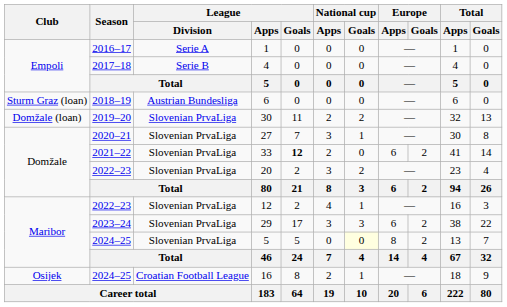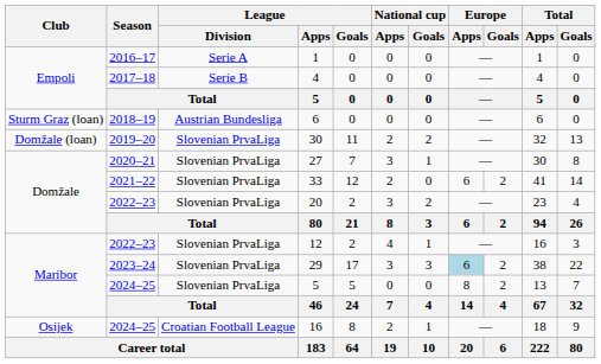 <table class="wikitable" style="text-align: center;">
 <tr>
 <th rowspan="2">Club</th>
 <th rowspan="2">Season</th>
 <th colspan="3">League</th>
 <th colspan="2">National cup</th>
 <th colspan="2">Europe</th>
 <th colspan="2">Total</th>
 </tr>
 <tr>
 <th>Division</th>
 <th>Apps</th>
 <th>Goals</th>
 <th>Apps</th>
 <th>Goals</th>
 <th>Apps</th>
 <th>Goals</th>
 <th>Apps</th>
 <th>Goals</th>
 </tr>
 <tr>
 <td rowspan="3"><a href='#'>Empoli</a></td>
 <td><a href='#'>2016–17</a></td>
 <td><a href='#'>Serie A</a></td>
 <td>1</td>
 <td>0</td>
 <td>0</td>
 <td>0</td>
 <td colspan="2">—</td>
 <td>1</td>
 <td>0</td>
 </tr>
 <tr>
 <td><a href='#'>2017–18</a></td>
 <td><a href='#'>Serie B</a></td>
 <td>4</td>
 <td>0</td>
 <td>0</td>
 <td>0</td>
 <td colspan="2">—</td>
 <td>4</td>
 <td>0</td>
 </tr>
 <tr>
 <th colspan="2">Total</th>
 <th>5</th>
 <th>0</th>
 <th>0</th>
 <th>0</th>
 <th colspan="2">—</th>
 <th>5</th>
 <th>0</th>
 </tr>
 <tr>
 <td><a href='#'>Sturm Graz</a> (loan)</td>
 <td><a href='#'>2018–19</a></td>
 <td><a href='#'>Austrian Bundesliga</a></td>
 <td>6</td>
 <td>0</td>
 <td>0</td>
 <td>0</td>
 <td colspan="2">—</td>
 <td>6</td>
 <td>0</td>
 </tr>
 <tr>
 <td><a href='#'> Domžale</a> (loan)</td>
 <td><a href='#'>2019–20</a></td>
 <td><a href='#'>Slovenian PrvaLiga</a></td>
 <td>30</td>
 <td>11</td>
 <td>2</td>
 <td>2</td>
 <td colspan="2">—</td>
 <td>32</td>
 <td>13</td>
 </tr>
 <tr>
 <td rowspan="4">Domžale</td>
 <td><a href='#'>2020–21</a></td>
 <td>Slovenian PrvaLiga</td>
 <td>27</td>
 <td>7</td>
 <td>3</td>
 <td>1</td>
 <td colspan="2">—</td>
 <td>30</td>
 <td>8</td>
 </tr>
 <tr>
 <td><a href='#'>2021–22</a></td>
 <td>Slovenian PrvaLiga</td>
 <td>33</td>
-<td><strong>12</strong></td>
+<td>12</td>
 <td>2</td>
 <td>0</td>
 <td>6</td>
 <td>2</td>
 <td>41</td>
 <td>14</td>
 </tr>
 <tr>
 <td><a href='#'>2022–23</a></td>
 <td>Slovenian PrvaLiga</td>
 <td>20</td>
 <td>2</td>
 <td>3</td>
 <td>2</td>
 <td colspan="2">—</td>
 <td>23</td>
 <td>4</td>
 </tr>
 <tr>
 <th colspan="2">Total</th>
 <th>80</th>
 <th>21</th>
 <th>8</th>
 <th>3</th>
 <th>6</th>
 <th>2</th>
 <th>94</th>
 <th>26</th>
 </tr>
 <tr>
 <td rowspan="4"><a href='#'>Maribor</a></td>
 <td><a href='#'>2022–23</a></td>
 <td>Slovenian PrvaLiga</td>
 <td>12</td>
 <td>2</td>
 <td>4</td>
 <td>1</td>
 <td colspan="2">—</td>
 <td>16</td>
 <td>3</td>
 </tr>
 <tr>
 <td><a href='#'>2023–24</a></td>
 <td>Slovenian PrvaLiga</td>
 <td>29</td>
 <td>17</td>
 <td>3</td>
 <td>3</td>
-<td>6</td>
+<td style="background: lightblue;">6</td>
 <td>2</td>
 <td>38</td>
 <td>22</td>
 </tr>
 <tr>
 <td><a href='#'>2024–25</a></td>
 <td>Slovenian PrvaLiga</td>
 <td>5</td>
 <td>5</td>
 <td>0</td>
-<td style="background: lightyellow;">0</td>
+<td>0</td>
 <td>8</td>
 <td>2</td>
 <td>13</td>
 <td>7</td>
 </tr>
 <tr>
 <th colspan="2">Total</th>
 <th>46</th>
 <th>24</th>
 <th>7</th>
 <th>4</th>
 <th>14</th>
 <th>4</th>
 <th>67</th>
 <th>32</th>
 </tr>
 <tr>
 <td><a href='#'>Osijek</a></td>
 <td><a href='#'>2024–25</a></td>
 <td><a href='#'>Croatian Football League</a></td>
 <td>16</td>
 <td>8</td>
 <td>2</td>
 <td>1</td>
 <td colspan="2">—</td>
 <td>18</td>
 <td>9</td>
 </tr>
 <tr>
 <th colspan="3">Career total</th>
 <th>183</th>
 <th>64</th>
 <th>19</th>
 <th>10</th>
 <th>20</th>
 <th>6</th>
 <th>222</th>
 <th>80</th>
 </tr>
 </table>
